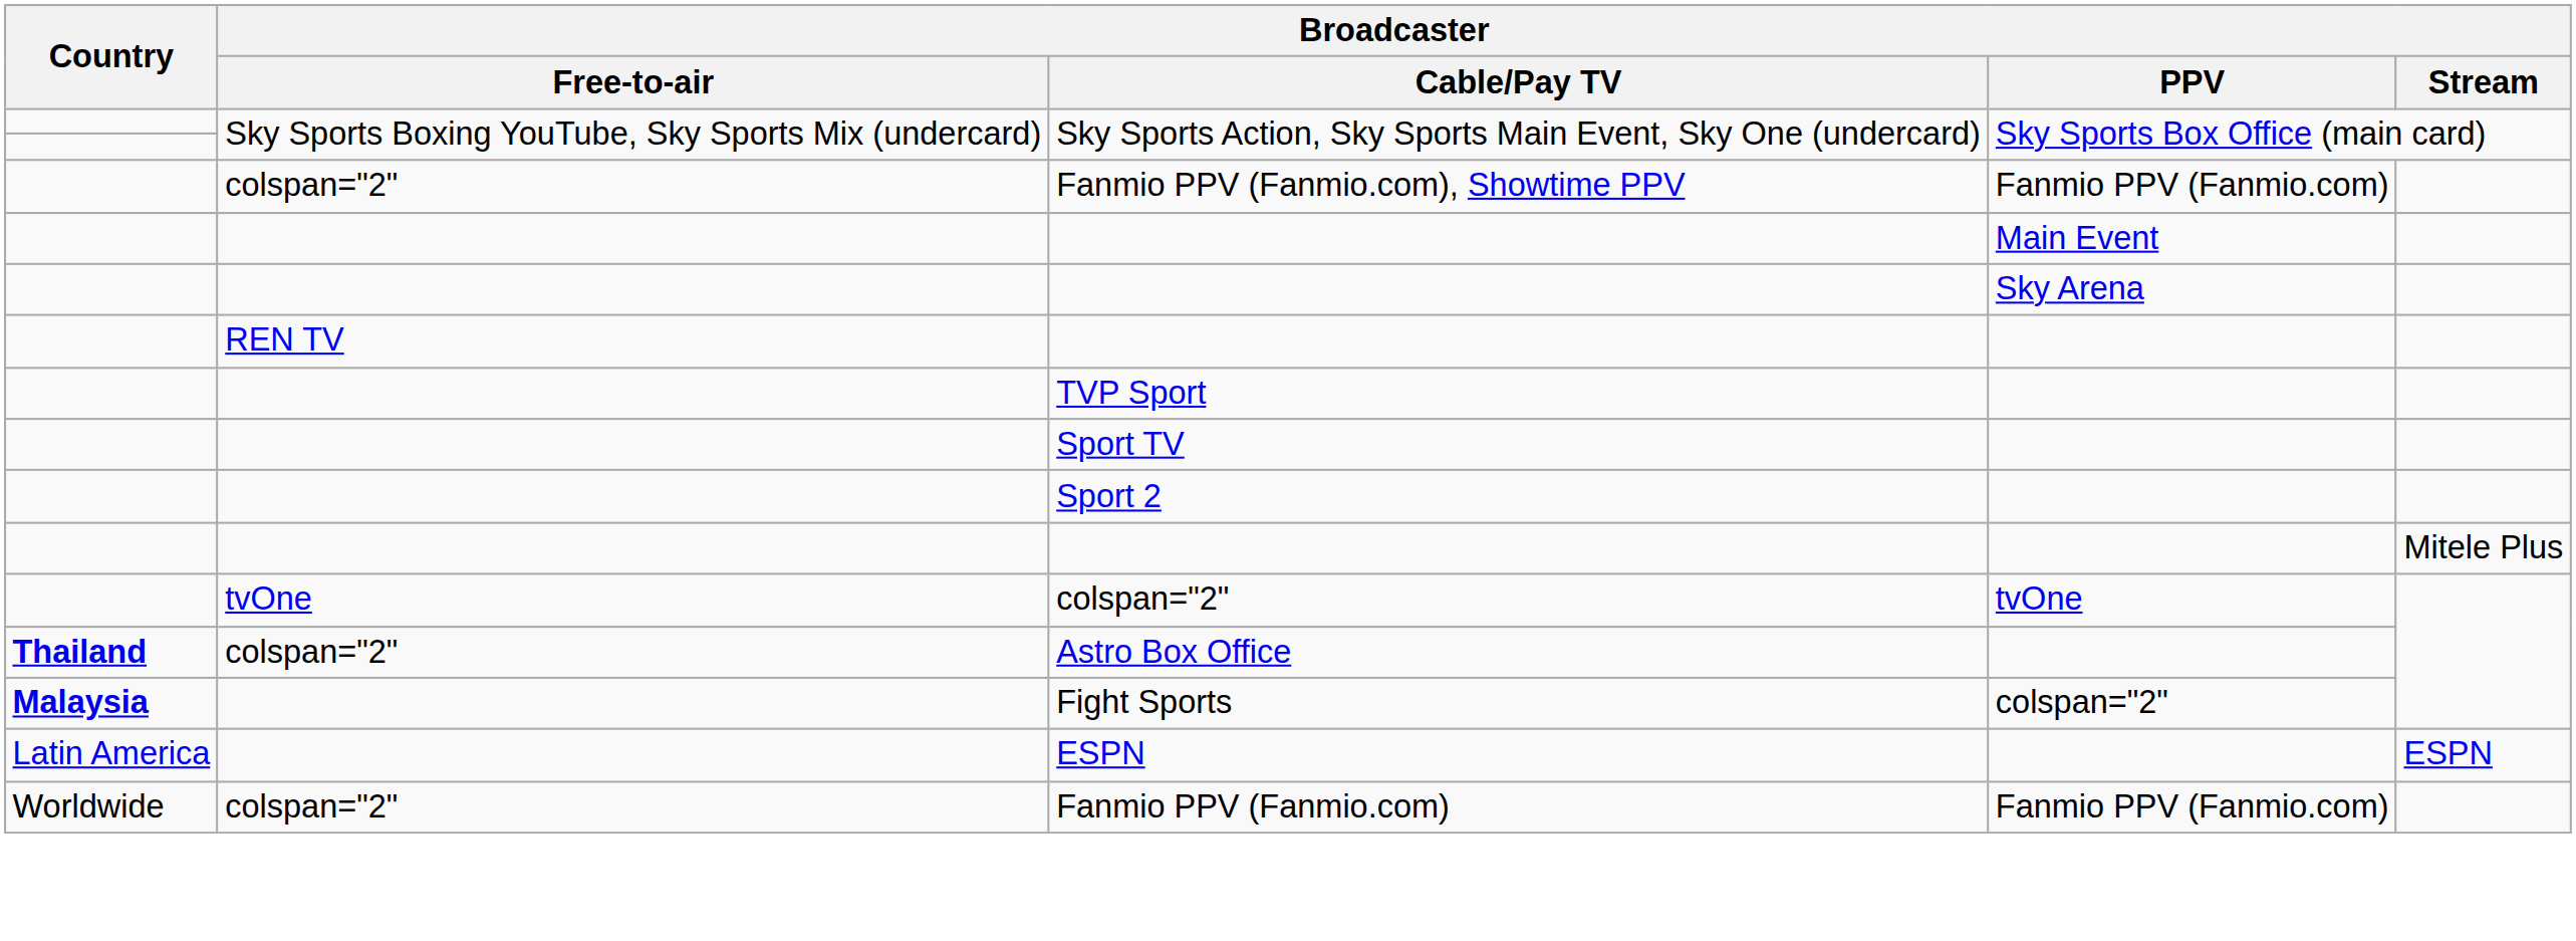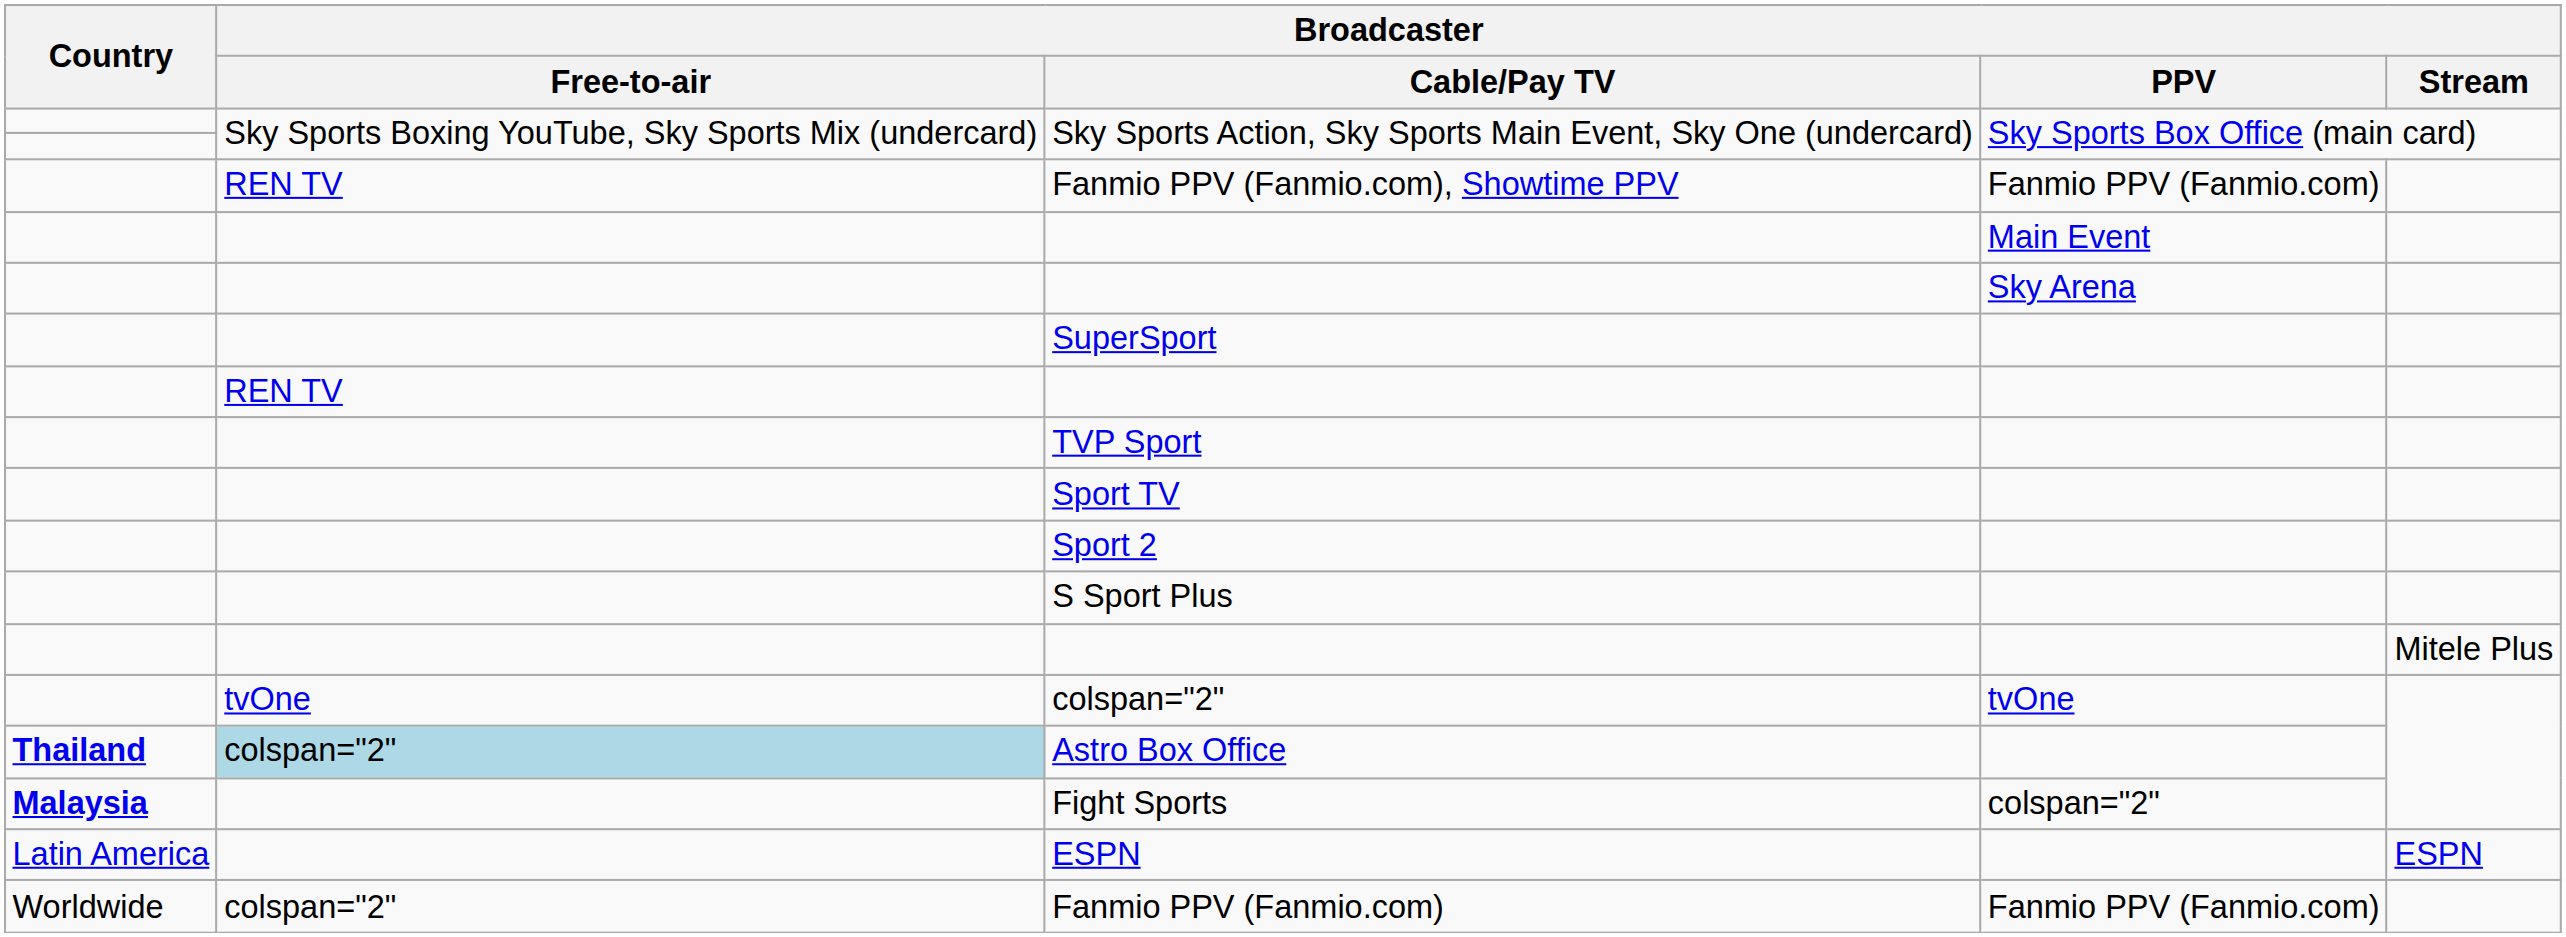 <table class="wikitable">
 <tr>
 <th rowspan="2">Country</th>
 <th colspan="4">Broadcaster</th>
 </tr>
 <tr>
 <th>Free-to-air</th>
 <th>Cable/Pay TV</th>
 <th>PPV</th>
 <th>Stream</th>
 </tr>
 <tr>
 <td><strong></strong></td>
 <td rowspan="2">Sky Sports Boxing YouTube, Sky Sports Mix (undercard)</td>
 <td rowspan="2">Sky Sports Action, Sky Sports Main Event, Sky One (undercard)</td>
 <td colspan="2" rowspan="2"><a href='#'>Sky Sports Box Office</a> (main card)</td>
 </tr>
 <tr>
 <td><strong></strong></td>
 </tr>
 <tr>
 <td><strong></strong></td>
-<td>colspan="2" </td>
+<td><a href='#'>REN TV</a></td>
 <td>Fanmio PPV (Fanmio.com), <a href='#'>Showtime PPV</a></td>
 <td>Fanmio PPV (Fanmio.com)</td>
 </tr>
 <tr>
 <td><strong></strong></td>
 <td></td>
 <td></td>
 <td><a href='#'>Main Event</a></td>
 <td></td>
 </tr>
 <tr>
 <td><strong></strong></td>
 <td></td>
 <td></td>
 <td><a href='#'>Sky Arena</a></td>
+<td></td>
+</tr>
+<tr>
+<td><strong></strong></td>
+<td></td>
+<td><a href='#'>SuperSport</a></td>
+<td></td>
 <td></td>
 </tr>
 <tr>
 <td><strong></strong></td>
 <td><a href='#'>REN TV</a></td>
 <td></td>
 <td></td>
 <td></td>
 </tr>
 <tr>
 <td><strong></strong></td>
 <td></td>
 <td><a href='#'>TVP Sport</a></td>
 <td></td>
 <td></td>
 </tr>
 <tr>
 <td><strong></strong></td>
 <td></td>
 <td><a href='#'>Sport TV</a></td>
 <td></td>
 <td></td>
 </tr>
 <tr>
 <td><strong></strong></td>
 <td></td>
 <td><a href='#'>Sport 2</a></td>
 <td></td>
 <td></td>
 </tr>
 <tr>
 <td><strong></strong></td>
 <td></td>
+<td>S Sport Plus</td>
+<td></td>
+<td></td>
+</tr>
+<tr>
+<td><strong></strong></td>
+<td></td>
 <td></td>
 <td></td>
 <td>Mitele Plus</td>
 </tr>
 <tr>
 <td><strong></strong></td>
 <td><a href='#'>tvOne</a></td>
 <td>colspan="2" </td>
 <td><a href='#'>tvOne</a></td>
 </tr>
 <tr>
 <td> <strong><a href='#'>Thailand</a></strong></td>
-<td>colspan="2" </td>
+<td style="background: lightblue;">colspan="2" </td>
 <td><a href='#'>Astro Box Office</a></td>
 <td></td>
 </tr>
 <tr>
 <td> <strong><a href='#'>Malaysia</a></strong></td>
 <td></td>
 <td>Fight Sports</td>
 <td>colspan="2" </td>
 </tr>
 <tr>
 <td><a href='#'>Latin America</a></td>
 <td></td>
 <td><a href='#'>ESPN</a></td>
 <td></td>
 <td><a href='#'>ESPN</a></td>
 </tr>
 <tr>
 <td>Worldwide</td>
 <td>colspan="2" </td>
 <td>Fanmio PPV (Fanmio.com)</td>
 <td>Fanmio PPV (Fanmio.com)</td>
 </tr>
 </table>
